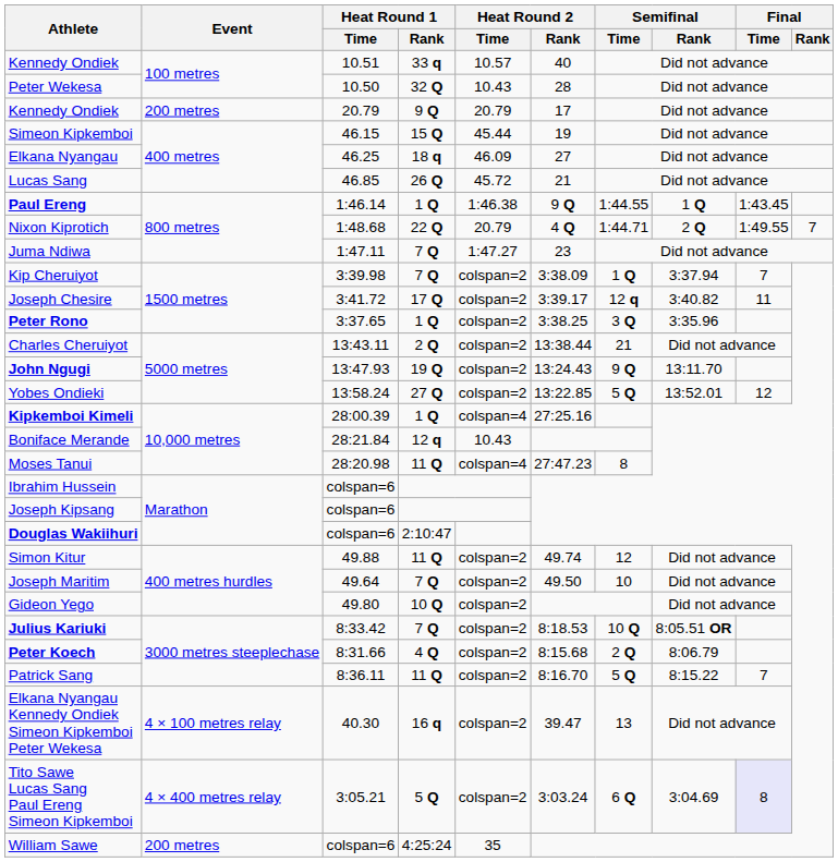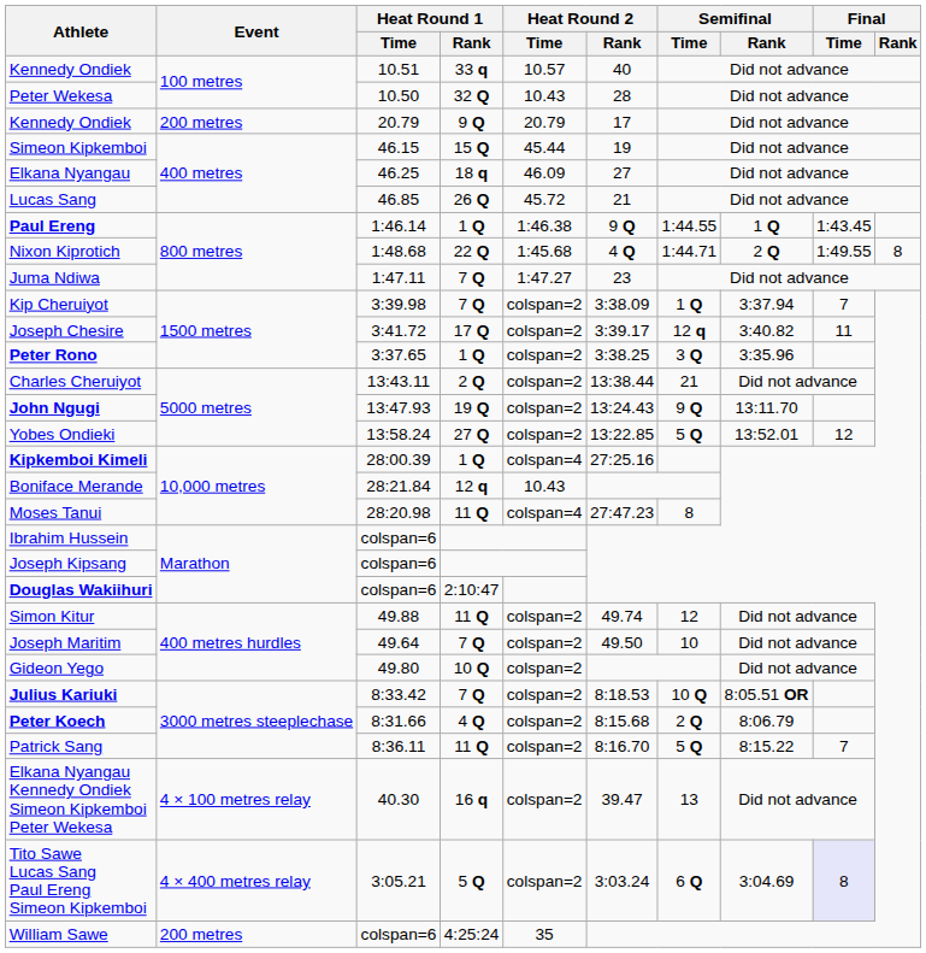 <table class=wikitable style="font-size:90%; text-align:center">
 <tr>
 <th rowspan=2>Athlete</th>
 <th rowspan=2>Event</th>
 <th colspan=2>Heat Round 1</th>
 <th colspan=2>Heat Round 2</th>
 <th colspan=2>Semifinal</th>
 <th colspan=2>Final</th>
 </tr>
 <tr style=font-size:95%>
 <th>Time</th>
 <th>Rank</th>
 <th>Time</th>
 <th>Rank</th>
 <th>Time</th>
 <th>Rank</th>
 <th>Time</th>
 <th>Rank</th>
 </tr>
 <tr align=center>
 <td align=left><a href='#'>Kennedy Ondiek</a></td>
 <td align=left rowspan=2><a href='#'>100 metres</a></td>
 <td>10.51</td>
 <td>33 <strong>q</strong></td>
 <td>10.57</td>
 <td>40</td>
 <td colspan=4>Did not advance</td>
 </tr>
 <tr align=center>
 <td align=left><a href='#'>Peter Wekesa</a></td>
 <td>10.50</td>
 <td>32 <strong>Q</strong></td>
 <td>10.43</td>
 <td>28</td>
 <td colspan=4>Did not advance</td>
 </tr>
 <tr align=center>
 <td align=left><a href='#'>Kennedy Ondiek</a></td>
 <td align=left><a href='#'>200 metres</a></td>
 <td>20.79</td>
 <td>9 <strong>Q</strong></td>
 <td>20.79</td>
 <td>17</td>
 <td colspan=4>Did not advance</td>
 </tr>
 <tr align=center>
 <td align=left><a href='#'>Simeon Kipkemboi</a></td>
 <td align=left rowspan=3><a href='#'>400 metres</a></td>
 <td>46.15</td>
 <td>15 <strong>Q</strong></td>
 <td>45.44</td>
 <td>19</td>
 <td colspan=4>Did not advance</td>
 </tr>
 <tr align=center>
 <td align=left><a href='#'>Elkana Nyangau</a></td>
 <td>46.25</td>
 <td>18 <strong>q</strong></td>
 <td>46.09</td>
 <td>27</td>
 <td colspan=4>Did not advance</td>
 </tr>
 <tr align=center>
 <td align=left><a href='#'>Lucas Sang</a></td>
 <td>46.85</td>
 <td>26 <strong>Q</strong></td>
 <td>45.72</td>
 <td>21</td>
 <td colspan=4>Did not advance</td>
 </tr>
 <tr align=center>
 <td align=left><strong><a href='#'>Paul Ereng</a></strong></td>
 <td align=left rowspan=3><a href='#'>800 metres</a></td>
 <td>1:46.14</td>
 <td>1 <strong>Q</strong></td>
 <td>1:46.38</td>
 <td>9 <strong>Q</strong></td>
 <td>1:44.55</td>
 <td>1 <strong>Q</strong></td>
 <td>1:43.45</td>
 <td></td>
 </tr>
 <tr align=center>
 <td align=left><a href='#'>Nixon Kiprotich</a></td>
 <td>1:48.68</td>
 <td>22 <strong>Q</strong></td>
-<td>20.79</td>
+<td>1:45.68</td>
 <td>4 <strong>Q</strong></td>
 <td>1:44.71</td>
 <td>2 <strong>Q</strong></td>
 <td>1:49.55</td>
-<td>7</td>
+<td>8</td>
 </tr>
 <tr align=center>
 <td align=left><a href='#'>Juma Ndiwa</a></td>
 <td>1:47.11</td>
 <td>7 <strong>Q</strong></td>
 <td>1:47.27</td>
 <td>23</td>
 <td colspan=4>Did not advance</td>
 </tr>
 <tr align=center>
 <td align=left><a href='#'>Kip Cheruiyot</a></td>
 <td align=left rowspan=3><a href='#'>1500 metres</a></td>
 <td>3:39.98</td>
 <td>7 <strong>Q</strong></td>
 <td>colspan=2</td>
 <td>3:38.09</td>
 <td>1 <strong>Q</strong></td>
 <td>3:37.94</td>
 <td>7</td>
 </tr>
 <tr align=center>
 <td align=left><a href='#'>Joseph Chesire</a></td>
 <td>3:41.72</td>
 <td>17 <strong>Q</strong></td>
 <td>colspan=2</td>
 <td>3:39.17</td>
 <td>12 <strong>q</strong></td>
 <td>3:40.82</td>
 <td>11</td>
 </tr>
 <tr align=center>
 <td align=left><strong><a href='#'>Peter Rono</a></strong></td>
 <td>3:37.65</td>
 <td>1 <strong>Q</strong></td>
 <td>colspan=2</td>
 <td>3:38.25</td>
 <td>3 <strong>Q</strong></td>
 <td>3:35.96</td>
 <td></td>
 </tr>
 <tr align=center>
 <td align=left><a href='#'>Charles Cheruiyot</a></td>
 <td align=left rowspan=3><a href='#'>5000 metres</a></td>
 <td>13:43.11</td>
 <td>2 <strong>Q</strong></td>
 <td>colspan=2</td>
 <td>13:38.44</td>
 <td>21</td>
 <td colspan=2>Did not advance</td>
 </tr>
 <tr align=center>
 <td align=left><strong><a href='#'>John Ngugi</a></strong></td>
 <td>13:47.93</td>
 <td>19 <strong>Q</strong></td>
 <td>colspan=2</td>
 <td>13:24.43</td>
 <td>9 <strong>Q</strong></td>
 <td>13:11.70</td>
 <td></td>
 </tr>
 <tr align=center>
 <td align=left><a href='#'>Yobes Ondieki</a></td>
 <td>13:58.24</td>
 <td>27 <strong>Q</strong></td>
 <td>colspan=2</td>
 <td>13:22.85</td>
 <td>5 <strong>Q</strong></td>
 <td>13:52.01</td>
 <td>12</td>
 </tr>
 <tr align=center>
 <td align=left><strong><a href='#'>Kipkemboi Kimeli</a></strong></td>
 <td align=left rowspan=3><a href='#'>10,000 metres</a></td>
 <td>28:00.39</td>
 <td>1 <strong>Q</strong></td>
 <td>colspan=4</td>
 <td>27:25.16</td>
 <td></td>
 </tr>
 <tr align=center>
 <td align=left><a href='#'>Boniface Merande</a></td>
 <td>28:21.84</td>
 <td>12 <strong>q</strong></td>
 <td>10.43</td>
 <td colspan=2></td>
 </tr>
 <tr align=center>
 <td align=left><a href='#'>Moses Tanui</a></td>
 <td>28:20.98</td>
 <td>11 <strong>Q</strong></td>
 <td>colspan=4</td>
 <td>27:47.23</td>
 <td>8</td>
 </tr>
 <tr align=center>
 <td align=left><a href='#'>Ibrahim Hussein</a></td>
 <td align=left rowspan=3><a href='#'>Marathon</a></td>
 <td>colspan=6</td>
 <td colspan=2></td>
 </tr>
 <tr align=center>
 <td align=left><a href='#'>Joseph Kipsang</a></td>
 <td>colspan=6</td>
 <td colspan=2></td>
 </tr>
 <tr align=center>
 <td align=left><strong><a href='#'>Douglas Wakiihuri</a></strong></td>
 <td>colspan=6</td>
 <td>2:10:47</td>
 <td></td>
 </tr>
 <tr align=center>
 <td align=left><a href='#'>Simon Kitur</a></td>
 <td align=left rowspan=3><a href='#'>400 metres hurdles</a></td>
 <td>49.88</td>
 <td>11 <strong>Q</strong></td>
 <td>colspan=2</td>
 <td>49.74</td>
 <td>12</td>
 <td colspan=2>Did not advance</td>
 </tr>
 <tr align=center>
 <td align=left><a href='#'>Joseph Maritim</a></td>
 <td>49.64</td>
 <td>7 <strong>Q</strong></td>
 <td>colspan=2</td>
 <td>49.50</td>
 <td>10</td>
 <td colspan=2>Did not advance</td>
 </tr>
 <tr align=center>
 <td align=left><a href='#'>Gideon Yego</a></td>
 <td>49.80</td>
 <td>10 <strong>Q</strong></td>
 <td>colspan=2</td>
 <td colspan=2></td>
 <td colspan=2>Did not advance</td>
 </tr>
 <tr align=center>
 <td align=left><strong><a href='#'>Julius Kariuki</a></strong></td>
 <td align=left rowspan=3><a href='#'>3000 metres steeplechase</a></td>
 <td>8:33.42</td>
 <td>7 <strong>Q</strong></td>
 <td>colspan=2</td>
 <td>8:18.53</td>
 <td>10 <strong>Q</strong></td>
 <td>8:05.51 <strong>OR</strong></td>
 <td></td>
 </tr>
 <tr align=center>
 <td align=left><strong><a href='#'>Peter Koech</a></strong></td>
 <td>8:31.66</td>
 <td>4 <strong>Q</strong></td>
 <td>colspan=2</td>
 <td>8:15.68</td>
 <td>2 <strong>Q</strong></td>
 <td>8:06.79</td>
 <td></td>
 </tr>
 <tr align=center>
 <td align=left><a href='#'>Patrick Sang</a></td>
 <td>8:36.11</td>
 <td>11 <strong>Q</strong></td>
 <td>colspan=2</td>
 <td>8:16.70</td>
 <td>5 <strong>Q</strong></td>
 <td>8:15.22</td>
 <td>7</td>
 </tr>
 <tr align=center>
 <td align=left><a href='#'>Elkana Nyangau</a><br><a href='#'>Kennedy Ondiek</a><br><a href='#'>Simeon Kipkemboi</a><br><a href='#'>Peter Wekesa</a></td>
 <td align=left><a href='#'>4 × 100 metres relay</a></td>
 <td>40.30</td>
 <td>16 <strong>q</strong></td>
 <td>colspan=2</td>
 <td>39.47</td>
 <td>13</td>
 <td colspan=2>Did not advance</td>
 </tr>
 <tr align=center>
 <td align=left><a href='#'>Tito Sawe</a><br><a href='#'>Lucas Sang</a><br><a href='#'>Paul Ereng</a><br><a href='#'>Simeon Kipkemboi</a></td>
 <td align=left><a href='#'>4 × 400 metres relay</a></td>
 <td>3:05.21</td>
 <td>5 <strong>Q</strong></td>
 <td>colspan=2</td>
 <td>3:03.24</td>
 <td>6 <strong>Q</strong></td>
 <td>3:04.69</td>
 <td style="background: lavender;">8</td>
 </tr>
 <tr align=center>
 <td align=left><a href='#'>William Sawe</a></td>
 <td align=left><a href='#'>200 metres</a></td>
 <td>colspan=6</td>
 <td>4:25:24</td>
 <td>35</td>
 </tr>
 </table>
